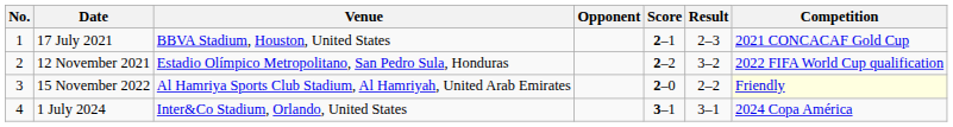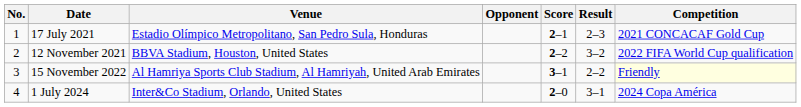 <table class="wikitable sortable">
 <tr>
 <th scope="col">No.</th>
 <th scope="col">Date</th>
 <th scope="col">Venue</th>
 <th scope="col">Opponent</th>
 <th scope="col">Score</th>
 <th scope="col">Result</th>
 <th scope="col">Competition</th>
 </tr>
 <tr>
 <td align="center">1</td>
 <td>17 July 2021</td>
-<td><a href='#'>BBVA Stadium</a>, <a href='#'>Houston</a>, United States</td>
+<td><a href='#'>Estadio Olímpico Metropolitano</a>, <a href='#'>San Pedro Sula</a>, Honduras</td>
 <td></td>
 <td align="center"><strong>2</strong>–1</td>
 <td align="center">2–3</td>
 <td><a href='#'>2021 CONCACAF Gold Cup</a></td>
 </tr>
 <tr>
 <td align="center">2</td>
 <td>12 November 2021</td>
-<td><a href='#'>Estadio Olímpico Metropolitano</a>, <a href='#'>San Pedro Sula</a>, Honduras</td>
+<td><a href='#'>BBVA Stadium</a>, <a href='#'>Houston</a>, United States</td>
 <td></td>
 <td align="center"><strong>2</strong>–2</td>
 <td align="center">3–2</td>
 <td><a href='#'>2022 FIFA World Cup qualification</a></td>
 </tr>
 <tr>
 <td align="center">3</td>
 <td>15 November 2022</td>
 <td><a href='#'>Al Hamriya Sports Club Stadium</a>, <a href='#'>Al Hamriyah</a>, United Arab Emirates</td>
 <td></td>
-<td align="center"><strong>2</strong>–0</td>
+<td align="center"><strong>3</strong>–1</td>
 <td align="center">2–2</td>
 <td style="background: lightyellow;"><a href='#'>Friendly</a></td>
 </tr>
 <tr>
 <td align="center">4</td>
 <td>1 July 2024</td>
 <td><a href='#'>Inter&Co Stadium</a>, <a href='#'>Orlando</a>, United States</td>
 <td></td>
-<td align="center"><strong>3</strong>–1</td>
+<td align="center"><strong>2</strong>–0</td>
 <td align="center">3–1</td>
 <td><a href='#'>2024 Copa América</a></td>
 </tr>
 </table>
